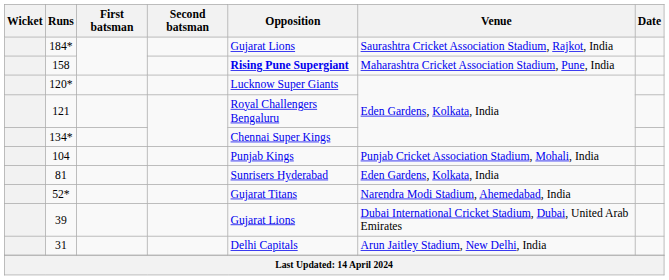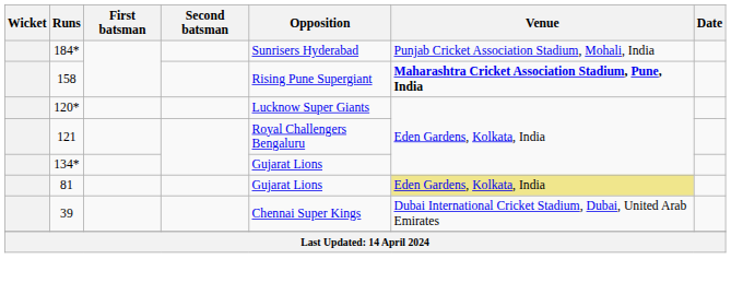 <table class="wikitable sortable" style="text-align:left;font-size:96%;">
 <tr>
 <th>Wicket</th>
 <th>Runs</th>
 <th>First batsman</th>
 <th>Second batsman</th>
 <th>Opposition</th>
 <th>Venue</th>
 <th>Date</th>
 </tr>
 <tr>
 <th scope=row style=text-align:center;></th>
 <td scope=row style=text-align:center;>184*</td>
 <td rowspan=2></td>
 <td></td>
-<td><a href='#'>Gujarat Lions</a></td>
-<td><a href='#'>Saurashtra Cricket Association Stadium</a>, <a href='#'>Rajkot</a>, India</td>
+<td><a href='#'>Sunrisers Hyderabad</a></td>
+<td><a href='#'>Punjab Cricket Association Stadium</a>, <a href='#'>Mohali</a>, India</td>
 <td></td>
 </tr>
 <tr>
 <th scope=row style=text-align:center;></th>
 <td scope=row style=text-align:center;>158</td>
 <td></td>
-<td><strong><a href='#'>Rising Pune Supergiant</a></strong></td>
-<td><a href='#'>Maharashtra Cricket Association Stadium</a>, <a href='#'>Pune</a>, India</td>
+<td><a href='#'>Rising Pune Supergiant</a></td>
+<td><strong><a href='#'>Maharashtra Cricket Association Stadium</a>, <a href='#'>Pune</a>, India</strong></td>
 <td></td>
 </tr>
 <tr>
 <th scope=row style=text-align:center;></th>
 <td scope=row style=text-align:center;>120*</td>
 <td></td>
 <td></td>
 <td><a href='#'>Lucknow Super Giants</a></td>
 <td rowspan=3><a href='#'>Eden Gardens</a>, <a href='#'>Kolkata</a>, India</td>
 <td></td>
 </tr>
 <tr>
 <th scope=row style=text-align:center;></th>
 <td scope=row style=text-align:center;>121</td>
 <td></td>
 <td rowspan=2></td>
 <td><a href='#'>Royal Challengers Bengaluru</a></td>
 <td></td>
 </tr>
 <tr>
 <th scope=row style=text-align:center;></th>
 <td scope=row style=text-align:center;>134*</td>
 <td></td>
-<td><a href='#'>Chennai Super Kings</a></td>
-<td></td>
-</tr>
-<tr>
-<th scope=row style=text-align:center;></th>
-<td scope=row style=text-align:center;>104</td>
-<td></td>
-<td></td>
-<td><a href='#'>Punjab Kings</a></td>
-<td><a href='#'>Punjab Cricket Association Stadium</a>, <a href='#'>Mohali</a>, India</td>
+<td><a href='#'>Gujarat Lions</a></td>
 <td></td>
 </tr>
 <tr>
 <th scope=row style=text-align:center;></th>
 <td scope=row style=text-align:center;>81</td>
 <td></td>
 <td></td>
-<td><a href='#'>Sunrisers Hyderabad</a></td>
-<td><a href='#'>Eden Gardens</a>, <a href='#'>Kolkata</a>, India</td>
-<td></td>
-</tr>
-<tr>
-<th scope=row style=text-align:center;></th>
-<td scope=row style=text-align:center;>52*</td>
-<td></td>
-<td></td>
-<td><a href='#'>Gujarat Titans</a></td>
-<td><a href='#'>Narendra Modi Stadium</a>, <a href='#'>Ahemedabad</a>, India</td>
+<td><a href='#'>Gujarat Lions</a></td>
+<td style="background: khaki;"><a href='#'>Eden Gardens</a>, <a href='#'>Kolkata</a>, India</td>
 <td></td>
 </tr>
 <tr>
 <th scope=row style=text-align:center;></th>
 <td scope=row style=text-align:center;>39</td>
 <td></td>
 <td></td>
-<td><a href='#'>Gujarat Lions</a></td>
+<td><a href='#'>Chennai Super Kings</a></td>
 <td><a href='#'>Dubai International Cricket Stadium</a>, <a href='#'>Dubai</a>, United Arab Emirates</td>
-<td></td>
-</tr>
-<tr>
-<th scope=row style=text-align:center;></th>
-<td scope=row style=text-align:center;>31</td>
-<td></td>
-<td></td>
-<td><a href='#'>Delhi Capitals</a></td>
-<td><a href='#'>Arun Jaitley Stadium</a>, <a href='#'>New Delhi</a>, India</td>
 <td></td>
 </tr>
 <tr>
 </tr>
 <tr class=sortbottom>
 <th colspan=7><small>Last Updated: 14 April 2024</small></th>
 </tr>
 </table>
